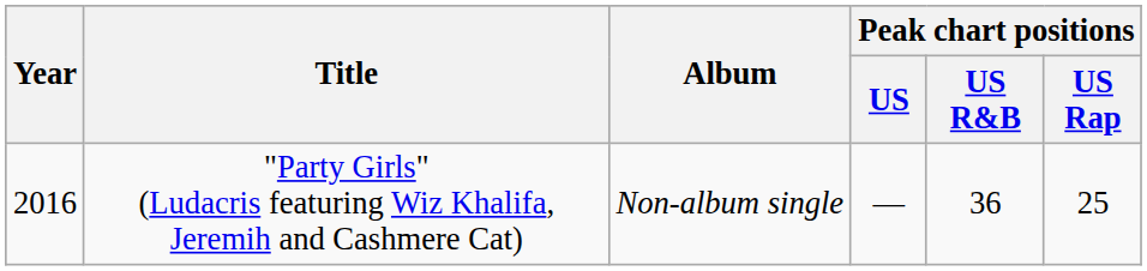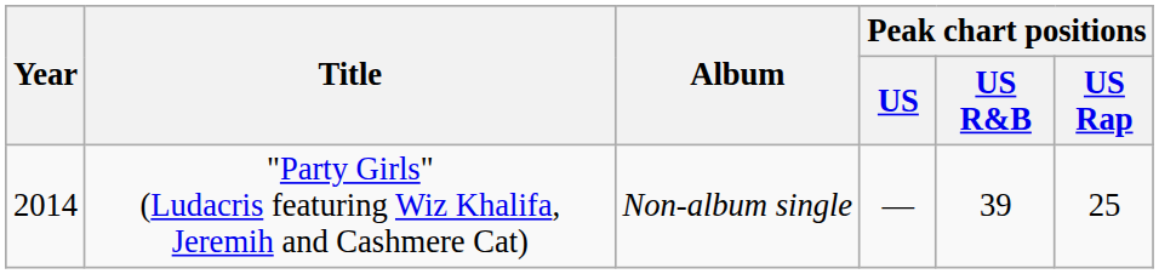 <table class="wikitable plainrowheaders" style="text-align:center;">
 <tr>
 <th rowspan="2" scope="col">Year</th>
 <th rowspan="2" scope="col" style="width:16em;">Title</th>
 <th scope="col" rowspan="2">Album</th>
 <th colspan="3">Peak chart positions</th>
 </tr>
 <tr>
 <th><a href='#'>US</a></th>
 <th><a href='#'>US<br>R&B</a></th>
 <th><a href='#'>US<br>Rap</a></th>
 </tr>
 <tr>
-<td>2016</td>
+<td>2014</td>
 <td scope="row">"<a href='#'>Party Girls</a>"<br><span>(<a href='#'>Ludacris</a> featuring <a href='#'>Wiz Khalifa</a>, <a href='#'>Jeremih</a> and Cashmere Cat)</span></td>
 <td><em>Non-album single</em></td>
 <td>—</td>
-<td>36</td>
+<td>39</td>
 <td>25</td>
 </tr>
 </table>
